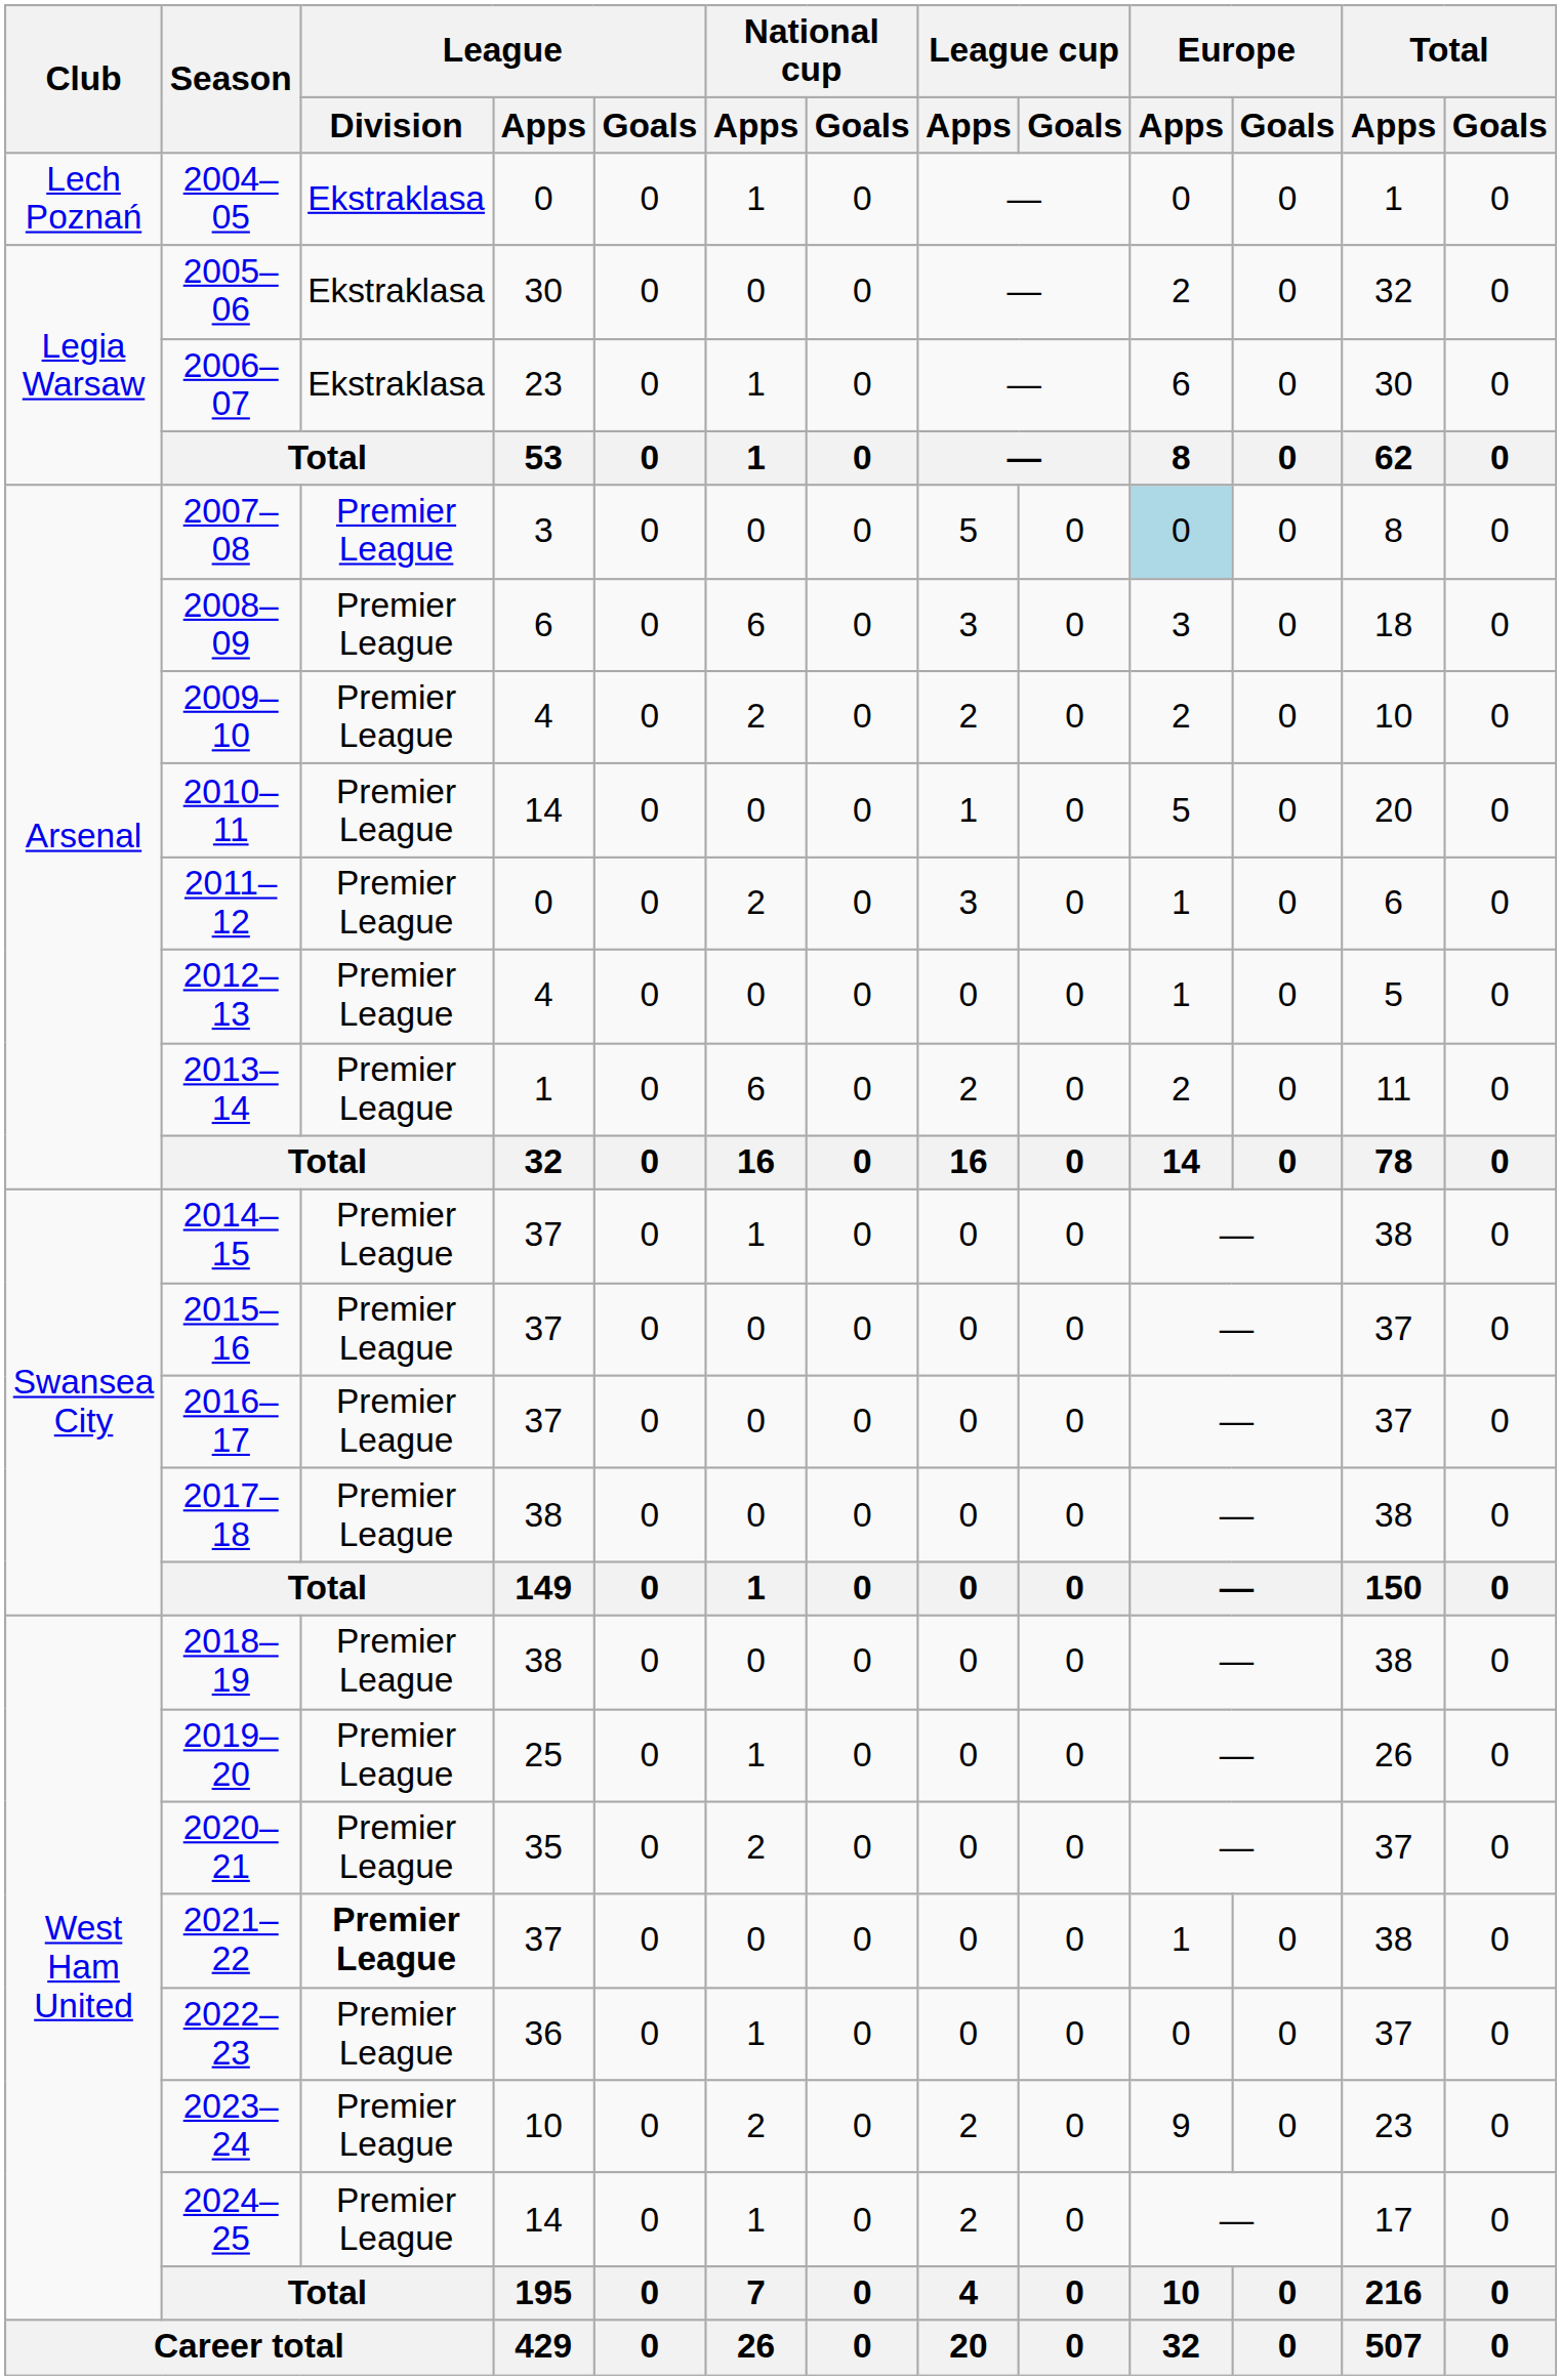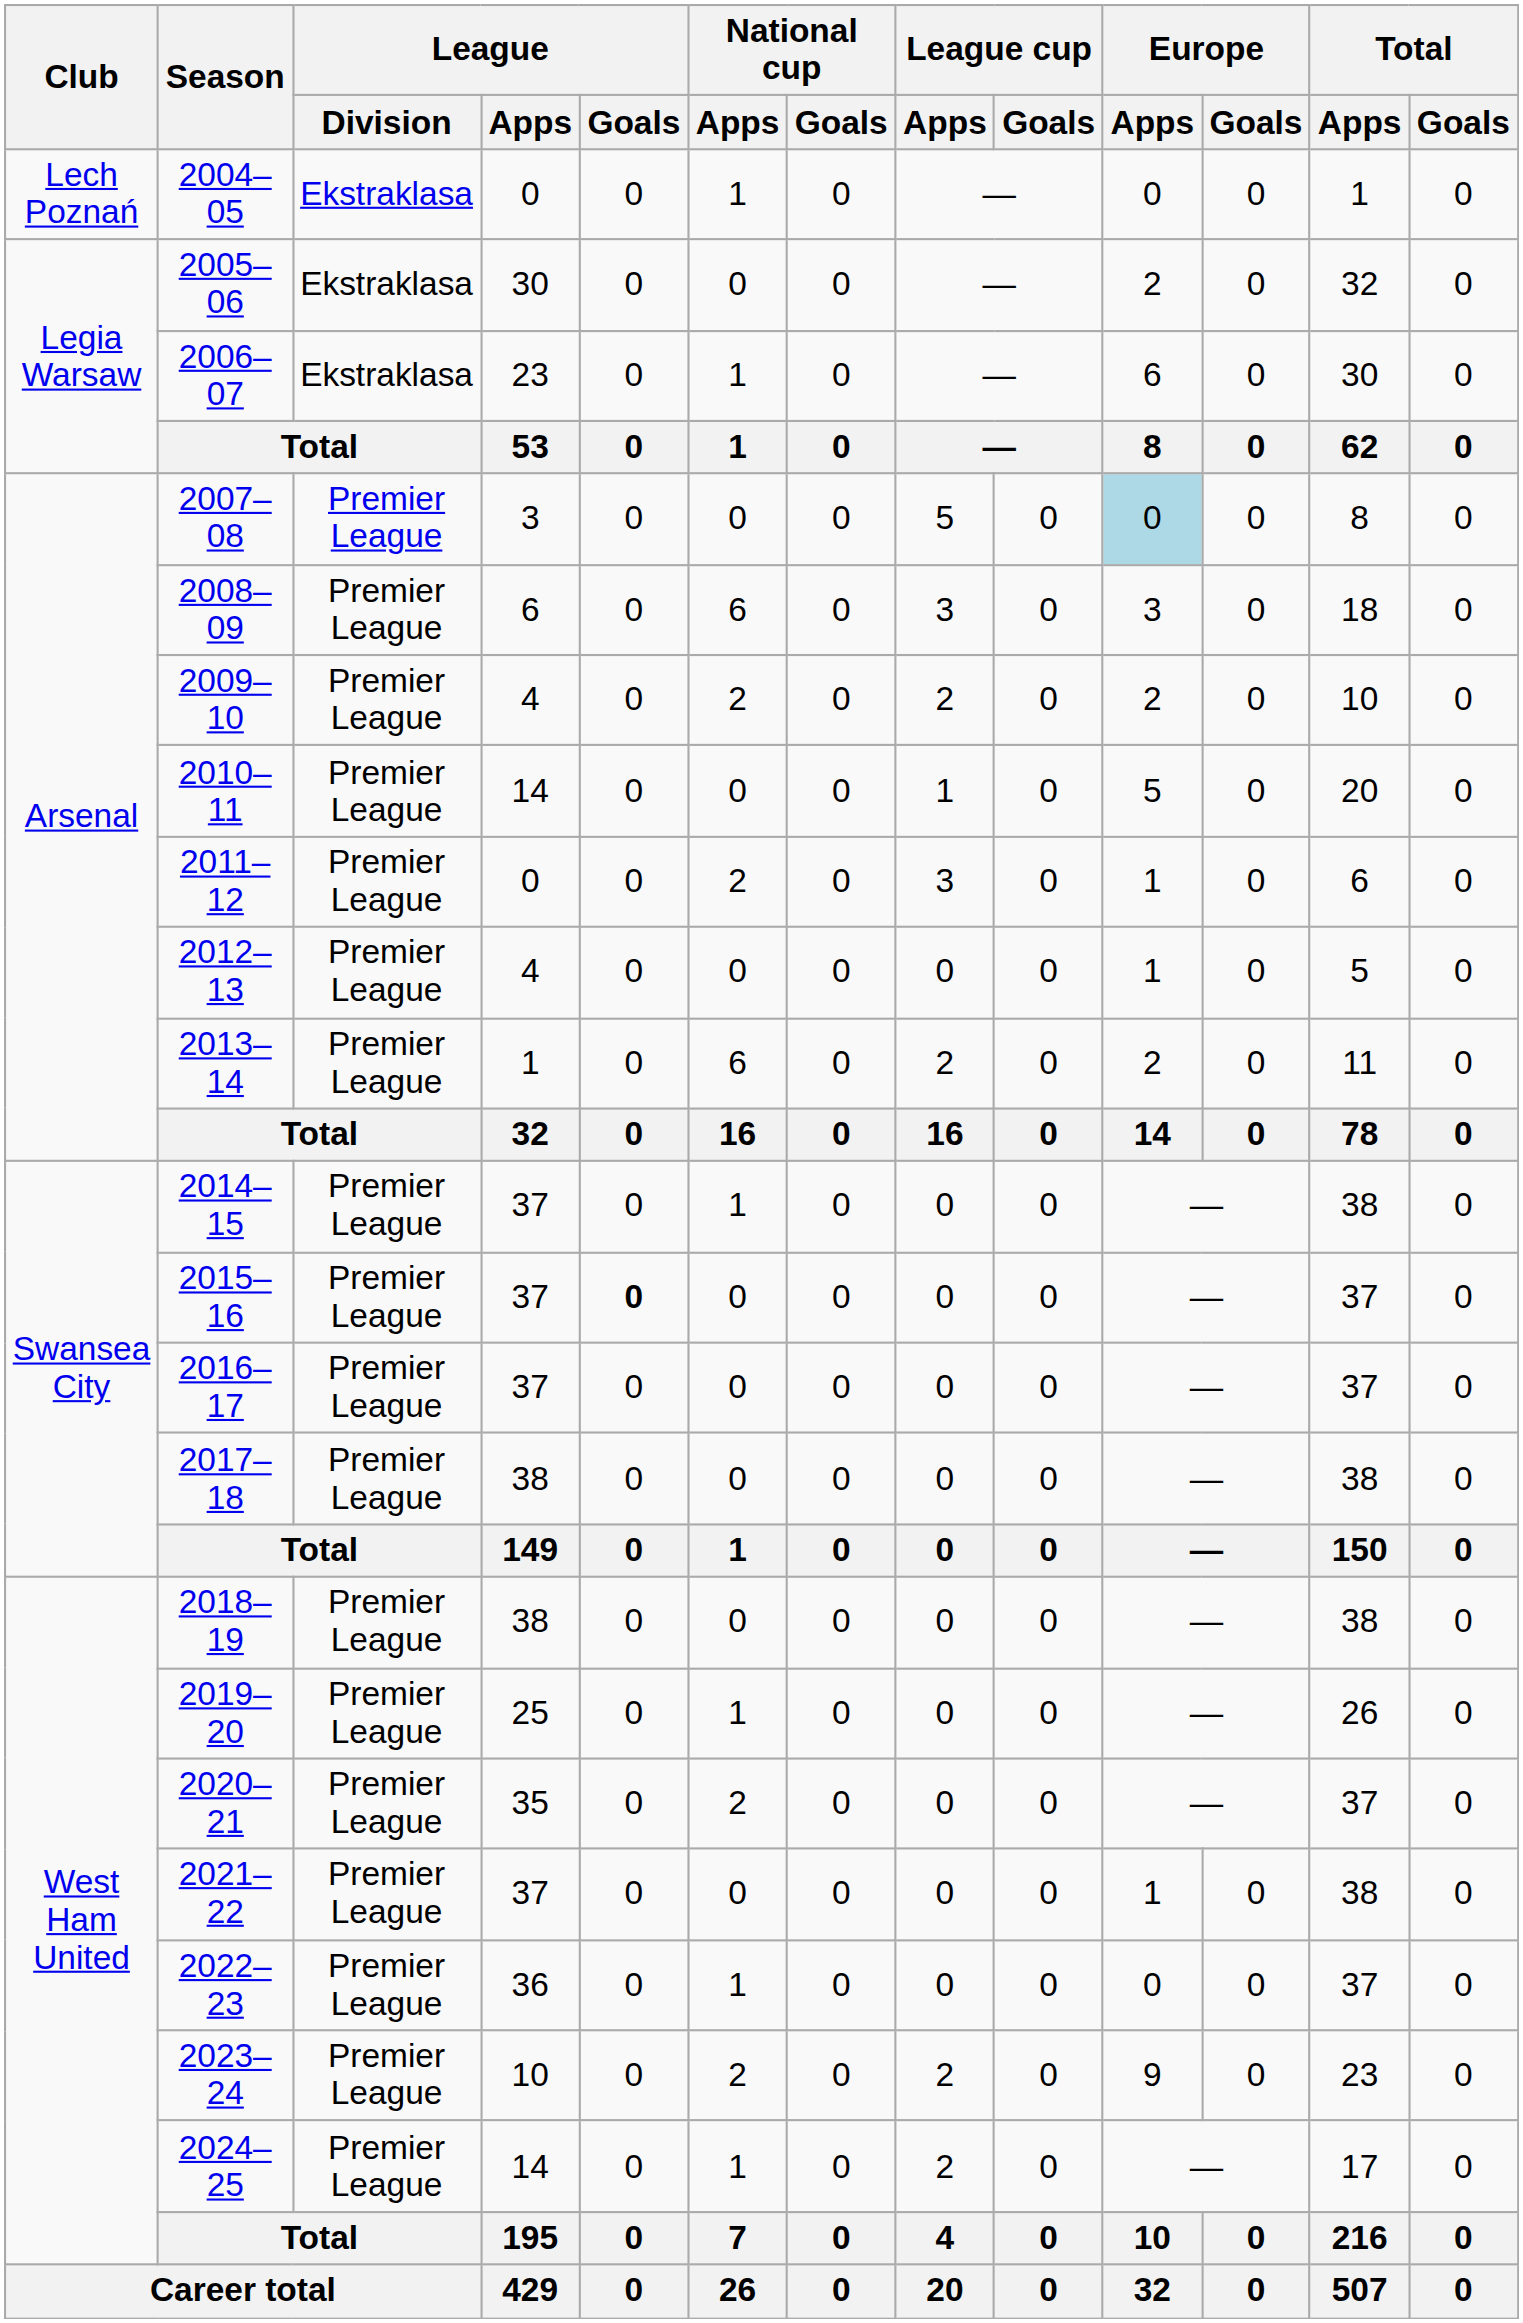 <table class="wikitable" style="text-align:center">
 <tr>
 <th rowspan=2>Club</th>
 <th rowspan=2>Season</th>
 <th colspan=3>League</th>
 <th colspan=2>National cup</th>
 <th colspan=2>League cup</th>
 <th colspan=2>Europe</th>
 <th colspan=2>Total</th>
 </tr>
 <tr>
 <th>Division</th>
 <th>Apps</th>
 <th>Goals</th>
 <th>Apps</th>
 <th>Goals</th>
 <th>Apps</th>
 <th>Goals</th>
 <th>Apps</th>
 <th>Goals</th>
 <th>Apps</th>
 <th>Goals</th>
 </tr>
 <tr>
 <td><a href='#'>Lech Poznań</a></td>
 <td><a href='#'>2004–05</a></td>
 <td><a href='#'>Ekstraklasa</a></td>
 <td>0</td>
 <td>0</td>
 <td>1</td>
 <td>0</td>
 <td colspan=2>—</td>
 <td>0</td>
 <td>0</td>
 <td>1</td>
 <td>0</td>
 </tr>
 <tr>
 <td rowspan=3><a href='#'>Legia Warsaw</a></td>
 <td><a href='#'>2005–06</a></td>
 <td>Ekstraklasa</td>
 <td>30</td>
 <td>0</td>
 <td>0</td>
 <td>0</td>
 <td colspan=2>—</td>
 <td>2</td>
 <td>0</td>
 <td>32</td>
 <td>0</td>
 </tr>
 <tr>
 <td><a href='#'>2006–07</a></td>
 <td>Ekstraklasa</td>
 <td>23</td>
 <td>0</td>
 <td>1</td>
 <td>0</td>
 <td colspan=2>—</td>
 <td>6</td>
 <td>0</td>
 <td>30</td>
 <td>0</td>
 </tr>
 <tr>
 <th colspan=2>Total</th>
 <th>53</th>
 <th>0</th>
 <th>1</th>
 <th>0</th>
 <th colspan=2>—</th>
 <th>8</th>
 <th>0</th>
 <th>62</th>
 <th>0</th>
 </tr>
 <tr>
 <td rowspan=8><a href='#'>Arsenal</a></td>
 <td><a href='#'>2007–08</a></td>
 <td><a href='#'>Premier League</a></td>
 <td>3</td>
 <td>0</td>
 <td>0</td>
 <td>0</td>
 <td>5</td>
 <td>0</td>
 <td style="background: lightblue;">0</td>
 <td>0</td>
 <td>8</td>
 <td>0</td>
 </tr>
 <tr>
 <td><a href='#'>2008–09</a></td>
 <td>Premier League</td>
 <td>6</td>
 <td>0</td>
 <td>6</td>
 <td>0</td>
 <td>3</td>
 <td>0</td>
 <td>3</td>
 <td>0</td>
 <td>18</td>
 <td>0</td>
 </tr>
 <tr>
 <td><a href='#'>2009–10</a></td>
 <td>Premier League</td>
 <td>4</td>
 <td>0</td>
 <td>2</td>
 <td>0</td>
 <td>2</td>
 <td>0</td>
 <td>2</td>
 <td>0</td>
 <td>10</td>
 <td>0</td>
 </tr>
 <tr>
 <td><a href='#'>2010–11</a></td>
 <td>Premier League</td>
 <td>14</td>
 <td>0</td>
 <td>0</td>
 <td>0</td>
 <td>1</td>
 <td>0</td>
 <td>5</td>
 <td>0</td>
 <td>20</td>
 <td>0</td>
 </tr>
 <tr>
 <td><a href='#'>2011–12</a></td>
 <td>Premier League</td>
 <td>0</td>
 <td>0</td>
 <td>2</td>
 <td>0</td>
 <td>3</td>
 <td>0</td>
 <td>1</td>
 <td>0</td>
 <td>6</td>
 <td>0</td>
 </tr>
 <tr>
 <td><a href='#'>2012–13</a></td>
 <td>Premier League</td>
 <td>4</td>
 <td>0</td>
 <td>0</td>
 <td>0</td>
 <td>0</td>
 <td>0</td>
 <td>1</td>
 <td>0</td>
 <td>5</td>
 <td>0</td>
 </tr>
 <tr>
 <td><a href='#'>2013–14</a></td>
 <td>Premier League</td>
 <td>1</td>
 <td>0</td>
 <td>6</td>
 <td>0</td>
 <td>2</td>
 <td>0</td>
 <td>2</td>
 <td>0</td>
 <td>11</td>
 <td>0</td>
 </tr>
 <tr>
 <th colspan=2>Total</th>
 <th>32</th>
 <th>0</th>
 <th>16</th>
 <th>0</th>
 <th>16</th>
 <th>0</th>
 <th>14</th>
 <th>0</th>
 <th>78</th>
 <th>0</th>
 </tr>
 <tr>
 <td rowspan=5><a href='#'>Swansea City</a></td>
 <td><a href='#'>2014–15</a></td>
 <td>Premier League</td>
 <td>37</td>
 <td>0</td>
 <td>1</td>
 <td>0</td>
 <td>0</td>
 <td>0</td>
 <td colspan=2>—</td>
 <td>38</td>
 <td>0</td>
 </tr>
 <tr>
 <td><a href='#'>2015–16</a></td>
 <td>Premier League</td>
 <td>37</td>
-<td>0</td>
+<td><strong>0</strong></td>
 <td>0</td>
 <td>0</td>
 <td>0</td>
 <td>0</td>
 <td colspan=2>—</td>
 <td>37</td>
 <td>0</td>
 </tr>
 <tr>
 <td><a href='#'>2016–17</a></td>
 <td>Premier League</td>
 <td>37</td>
 <td>0</td>
 <td>0</td>
 <td>0</td>
 <td>0</td>
 <td>0</td>
 <td colspan=2>—</td>
 <td>37</td>
 <td>0</td>
 </tr>
 <tr>
 <td><a href='#'>2017–18</a></td>
 <td>Premier League</td>
 <td>38</td>
 <td>0</td>
 <td>0</td>
 <td>0</td>
 <td>0</td>
 <td>0</td>
 <td colspan=2>—</td>
 <td>38</td>
 <td>0</td>
 </tr>
 <tr>
 <th colspan=2>Total</th>
 <th>149</th>
 <th>0</th>
 <th>1</th>
 <th>0</th>
 <th>0</th>
 <th>0</th>
 <th colspan=2>—</th>
 <th>150</th>
 <th>0</th>
 </tr>
 <tr>
 <td rowspan=8><a href='#'>West Ham United</a></td>
 <td><a href='#'>2018–19</a></td>
 <td>Premier League</td>
 <td>38</td>
 <td>0</td>
 <td>0</td>
 <td>0</td>
 <td>0</td>
 <td>0</td>
 <td colspan=2>—</td>
 <td>38</td>
 <td>0</td>
 </tr>
 <tr>
 <td><a href='#'>2019–20</a></td>
 <td>Premier League</td>
 <td>25</td>
 <td>0</td>
 <td>1</td>
 <td>0</td>
 <td>0</td>
 <td>0</td>
 <td colspan=2>—</td>
 <td>26</td>
 <td>0</td>
 </tr>
 <tr>
 <td><a href='#'>2020–21</a></td>
 <td>Premier League</td>
 <td>35</td>
 <td>0</td>
 <td>2</td>
 <td>0</td>
 <td>0</td>
 <td>0</td>
 <td colspan=2>—</td>
 <td>37</td>
 <td>0</td>
 </tr>
 <tr>
 <td><a href='#'>2021–22</a></td>
-<td><strong>Premier League</strong></td>
+<td>Premier League</td>
 <td>37</td>
 <td>0</td>
 <td>0</td>
 <td>0</td>
 <td>0</td>
 <td>0</td>
 <td>1</td>
 <td>0</td>
 <td>38</td>
 <td>0</td>
 </tr>
 <tr>
 <td><a href='#'>2022–23</a></td>
 <td>Premier League</td>
 <td>36</td>
 <td>0</td>
 <td>1</td>
 <td>0</td>
 <td>0</td>
 <td>0</td>
 <td>0</td>
 <td>0</td>
 <td>37</td>
 <td>0</td>
 </tr>
 <tr>
 <td><a href='#'>2023–24</a></td>
 <td>Premier League</td>
 <td>10</td>
 <td>0</td>
 <td>2</td>
 <td>0</td>
 <td>2</td>
 <td>0</td>
 <td>9</td>
 <td>0</td>
 <td>23</td>
 <td>0</td>
 </tr>
 <tr>
 <td><a href='#'>2024–25</a></td>
 <td>Premier League</td>
 <td>14</td>
 <td>0</td>
 <td>1</td>
 <td>0</td>
 <td>2</td>
 <td>0</td>
 <td colspan=2>—</td>
 <td>17</td>
 <td>0</td>
 </tr>
 <tr>
 <th colspan=2>Total</th>
 <th>195</th>
 <th>0</th>
 <th>7</th>
 <th>0</th>
 <th>4</th>
 <th>0</th>
 <th>10</th>
 <th>0</th>
 <th>216</th>
 <th>0</th>
 </tr>
 <tr>
 <th colspan=3>Career total</th>
 <th>429</th>
 <th>0</th>
 <th>26</th>
 <th>0</th>
 <th>20</th>
 <th>0</th>
 <th>32</th>
 <th>0</th>
 <th>507</th>
 <th>0</th>
 </tr>
 </table>
